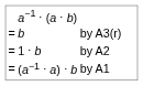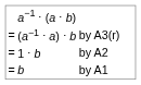 <table style="border: 1px solid grey; float: left; margin: 1em 1em;">
 <tr>
 <td></td>
 <td><em>a</em><sup>−1</sup> ⋅ (<em>a</em> ⋅ <em>b</em>)</td>
 <td></td>
 </tr>
 <tr>
 <td>=</td>
-<td><em>b</em></td>
+<td>(<em>a</em><sup>−1</sup> ⋅ <em>a</em>) ⋅ <em>b</em></td>
 <td>by A3(r)     </td>
 </tr>
 <tr>
 <td>=</td>
 <td>1 ⋅ <em>b</em></td>
 <td>by A2</td>
 </tr>
 <tr>
 <td>=</td>
-<td>(<em>a</em><sup>−1</sup> ⋅ <em>a</em>) ⋅ <em>b</em></td>
+<td><em>b</em></td>
 <td>by A1</td>
 </tr>
 </table>
